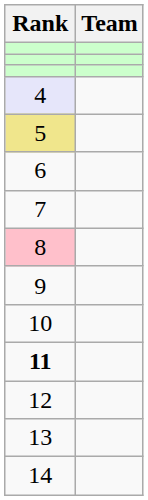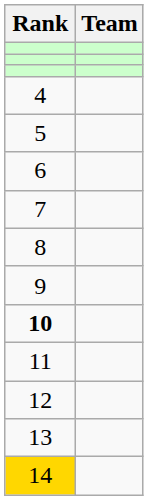 <table class="wikitable" style="text-align:center">
 <tr>
 <th width=40>Rank</th>
 <th>Team</th>
 </tr>
 <tr bgcolor=#ccffcc>
 <td></td>
 <td style="text-align:left"></td>
 </tr>
 <tr bgcolor=#ccffcc>
 <td></td>
 <td style="text-align:left"></td>
 </tr>
 <tr bgcolor=#ccffcc>
 <td></td>
 <td style="text-align:left"></td>
 </tr>
 <tr>
-<td style="background: lavender;">4</td>
+<td>4</td>
 <td style="text-align:left"></td>
 </tr>
 <tr>
-<td style="background: khaki;">5</td>
+<td>5</td>
 <td style="text-align:left"></td>
 </tr>
 <tr>
 <td>6</td>
 <td style="text-align:left"></td>
 </tr>
 <tr>
 <td>7</td>
 <td style="text-align:left"></td>
 </tr>
 <tr>
-<td style="background: pink;">8</td>
+<td>8</td>
 <td style="text-align:left"></td>
 </tr>
 <tr>
 <td>9</td>
 <td style="text-align:left"></td>
 </tr>
 <tr>
-<td>10</td>
+<td><strong>10</strong></td>
 <td style="text-align:left"></td>
 </tr>
 <tr>
-<td><strong>11</strong></td>
+<td>11</td>
 <td style="text-align:left"></td>
 </tr>
 <tr>
 <td>12</td>
 <td style="text-align:left"></td>
 </tr>
 <tr>
 <td>13</td>
 <td style="text-align:left"></td>
 </tr>
 <tr>
-<td>14</td>
+<td style="background: gold;">14</td>
 <td style="text-align:left"></td>
 </tr>
 </table>
